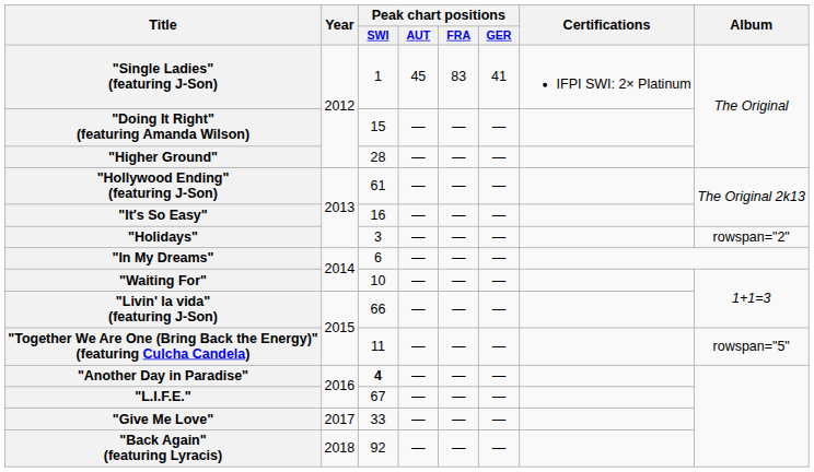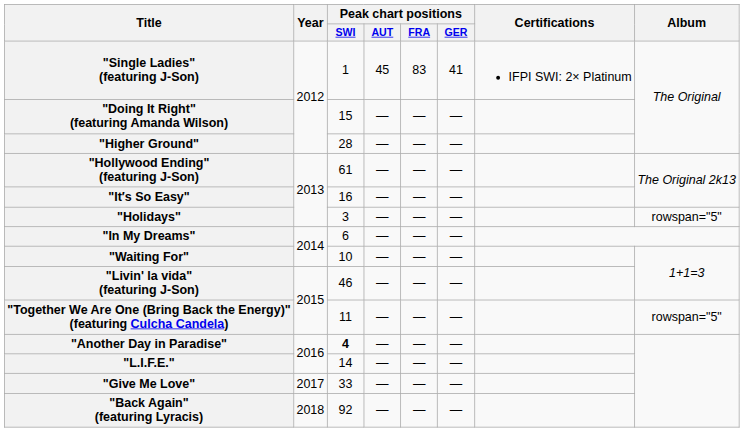 <table class="wikitable plainrowheaders" style="text-align:center;">
 <tr>
 <th rowspan="2" scope="col">Title</th>
 <th rowspan="2" scope="col">Year</th>
 <th colspan="4" scope="col">Peak chart positions</th>
 <th rowspan="2" scope="col">Certifications</th>
 <th rowspan="2" scope="col">Album</th>
 </tr>
 <tr>
 <th scope="col" style="width:3em;font-size:85%;"><a href='#'>SWI</a><br></th>
 <th scope="col" style="width:3em;font-size:85%;"><a href='#'>AUT</a><br></th>
 <th scope="col" style="width:3em;font-size:85%;"><a href='#'>FRA</a><br></th>
 <th scope="col" style="width:3em;font-size:85%;"><a href='#'>GER</a><br></th>
 </tr>
 <tr>
 <th scope="row">"Single Ladies"<br><span>(featuring J-Son)</span></th>
 <td rowspan="3" align="center">2012</td>
 <td>1</td>
 <td>45</td>
 <td>83</td>
 <td>41</td>
 <td><br><ul><li>IFPI SWI: 2× Platinum</li></ul></td>
 <td rowspan="3" align="center"><em>The Original</em></td>
 </tr>
 <tr>
 <th scope="row">"Doing It Right"<br><span>(featuring Amanda Wilson)</span></th>
 <td>15</td>
 <td>—</td>
 <td>—</td>
 <td>—</td>
 <td></td>
 </tr>
 <tr>
 <th scope="row">"Higher Ground"</th>
 <td>28</td>
 <td>—</td>
 <td>—</td>
 <td>—</td>
 <td></td>
 </tr>
 <tr>
 <th scope="row">"Hollywood Ending"<br><span>(featuring J-Son)</span></th>
 <td rowspan="3">2013</td>
 <td>61</td>
 <td>—</td>
 <td>—</td>
 <td>—</td>
 <td></td>
 <td rowspan="2"><em>The Original 2k13</em></td>
 </tr>
 <tr>
 <th scope="row">"It′s So Easy"</th>
 <td>16</td>
 <td>—</td>
 <td>—</td>
 <td>—</td>
 <td></td>
 </tr>
 <tr>
 <th scope="row">"Holidays"</th>
 <td>3</td>
 <td>—</td>
 <td>—</td>
 <td>—</td>
 <td></td>
-<td>rowspan="2" </td>
+<td>rowspan="5" </td>
 </tr>
 <tr>
 <th scope="row">"In My Dreams"</th>
 <td rowspan="2">2014</td>
 <td>6</td>
 <td>—</td>
 <td>—</td>
 <td>—</td>
 </tr>
 <tr>
 <th scope="row">"Waiting For"</th>
 <td>10</td>
 <td>—</td>
 <td>—</td>
 <td>—</td>
 <td></td>
 <td rowspan="2"><em>1+1=3</em></td>
 </tr>
 <tr>
 <th scope="row">"Livin' la vida"<br><span>(featuring J-Son)</span></th>
 <td rowspan="2">2015</td>
-<td>66</td>
+<td>46</td>
 <td>—</td>
 <td>—</td>
 <td>—</td>
 <td></td>
 </tr>
 <tr>
 <th scope="row">"Together We Are One (Bring Back the Energy)"<br><span>(featuring <a href='#'>Culcha Candela</a>)</span></th>
 <td>11</td>
 <td>—</td>
 <td>—</td>
 <td>—</td>
 <td></td>
 <td>rowspan="5" </td>
 </tr>
 <tr>
 <th scope="row">"Another Day in Paradise"</th>
 <td rowspan="2">2016</td>
 <td><strong>4</strong></td>
 <td>—</td>
 <td>—</td>
 <td>—</td>
 <td></td>
 </tr>
 <tr>
 <th scope="row">"L.I.F.E."</th>
-<td>67</td>
+<td>14</td>
 <td>—</td>
 <td>—</td>
 <td>—</td>
 <td></td>
 </tr>
 <tr>
 <th scope="row">"Give Me Love"</th>
 <td>2017</td>
 <td>33</td>
 <td>—</td>
 <td>—</td>
 <td>—</td>
 <td></td>
 </tr>
 <tr>
 <th scope="row">"Back Again"<br><span>(featuring Lyracis)</span></th>
 <td>2018</td>
 <td>92</td>
 <td>—</td>
 <td>—</td>
 <td>—</td>
 <td></td>
 </tr>
 </table>
